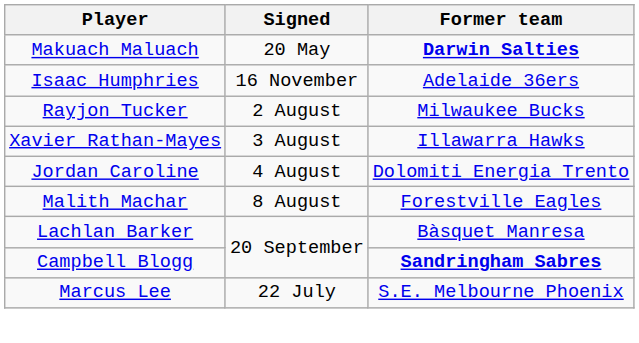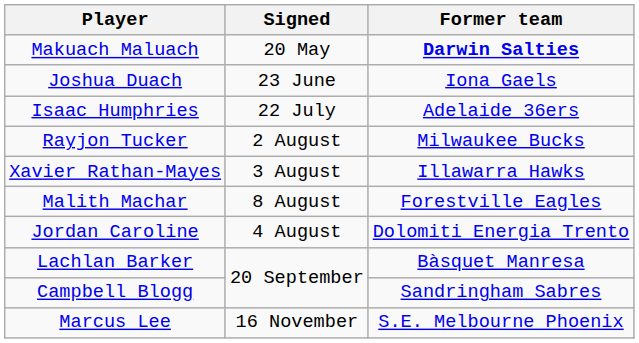 <table class="wikitable sortable sortable" style="text-align: center">
 <tr>
 <th>Player</th>
 <th>Signed</th>
 <th>Former team</th>
 </tr>
 <tr>
 <td><a href='#'>Makuach Maluach</a></td>
 <td>20 May</td>
 <td><strong><a href='#'>Darwin Salties</a></strong></td>
 </tr>
 <tr>
+<td><a href='#'>Joshua Duach</a></td>
+<td>23 June</td>
+<td><a href='#'>Iona Gaels</a></td>
+</tr>
+<tr>
 <td><a href='#'>Isaac Humphries</a></td>
-<td>16 November</td>
+<td>22 July</td>
 <td><a href='#'>Adelaide 36ers</a></td>
 </tr>
 <tr>
 <td><a href='#'>Rayjon Tucker</a></td>
 <td>2 August</td>
 <td><a href='#'>Milwaukee Bucks</a></td>
 </tr>
 <tr>
 <td><a href='#'>Xavier Rathan-Mayes</a></td>
 <td>3 August</td>
 <td><a href='#'>Illawarra Hawks</a></td>
 </tr>
 <tr>
+<td><a href='#'>Malith Machar</a></td>
+<td>8 August</td>
+<td><a href='#'>Forestville Eagles</a></td>
+</tr>
+<tr>
 <td><a href='#'>Jordan Caroline</a></td>
 <td>4 August</td>
 <td><a href='#'>Dolomiti Energia Trento</a></td>
-</tr>
-<tr>
-<td><a href='#'>Malith Machar</a></td>
-<td>8 August</td>
-<td><a href='#'>Forestville Eagles</a></td>
 </tr>
 <tr>
 <td><a href='#'>Lachlan Barker</a></td>
 <td rowspan="2">20 September</td>
 <td><a href='#'>Bàsquet Manresa</a></td>
 </tr>
 <tr>
 <td><a href='#'>Campbell Blogg</a></td>
-<td><strong><a href='#'>Sandringham Sabres</a></strong></td>
+<td><a href='#'>Sandringham Sabres</a></td>
 </tr>
 <tr>
 <td><a href='#'>Marcus Lee</a></td>
-<td>22 July</td>
+<td>16 November</td>
 <td><a href='#'>S.E. Melbourne Phoenix</a></td>
 </tr>
 </table>
